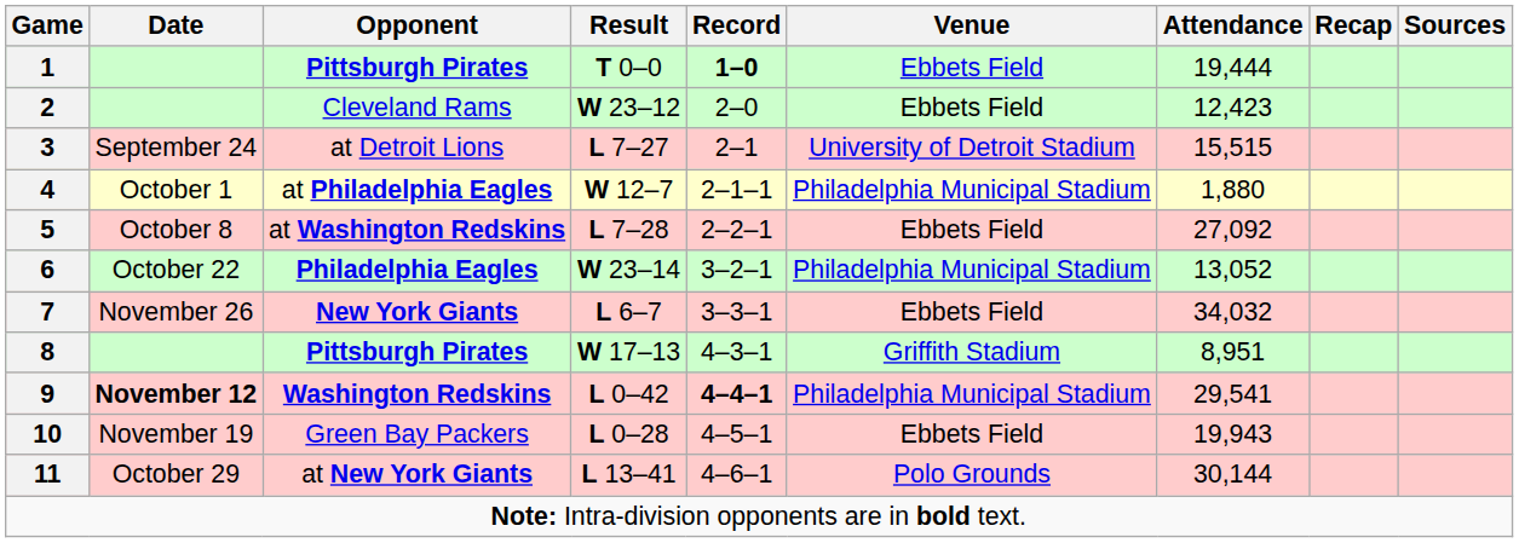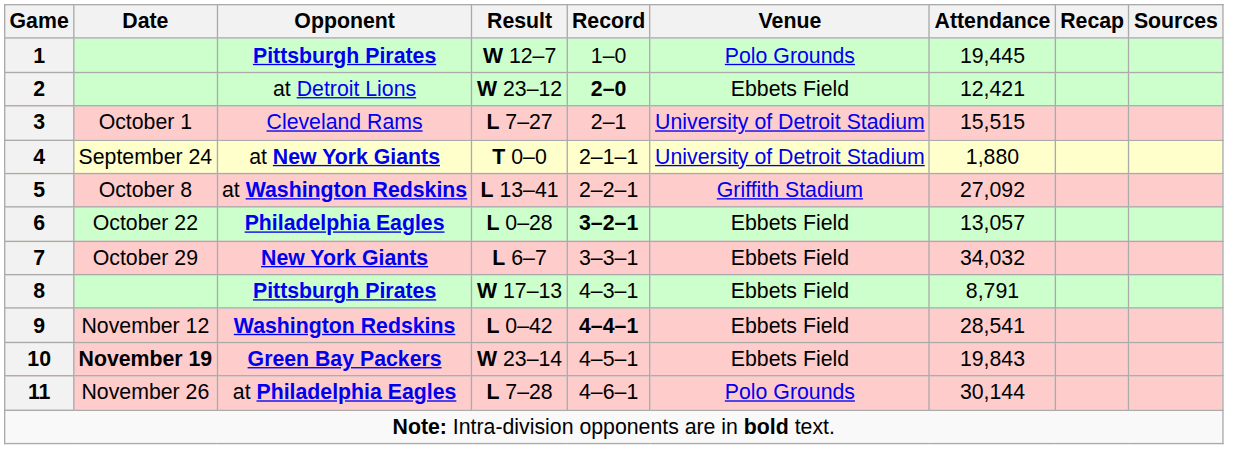 <table class="wikitable" style="text-align:center">
 <tr>
 <th>Game</th>
 <th>Date</th>
 <th>Opponent</th>
 <th>Result</th>
 <th>Record</th>
 <th>Venue</th>
 <th>Attendance</th>
 <th>Recap</th>
 <th>Sources</th>
 </tr>
 <tr style="background:#cfc">
 <th>1</th>
 <td></td>
 <td><strong><a href='#'>Pittsburgh Pirates</a></strong></td>
-<td><strong>T</strong> 0–0</td>
-<td><strong>1–0</strong></td>
-<td><a href='#'>Ebbets Field</a></td>
-<td>19,444</td>
+<td><strong>W</strong> 12–7</td>
+<td>1–0</td>
+<td><a href='#'>Polo Grounds</a></td>
+<td>19,445</td>
 <td></td>
 <td></td>
 </tr>
 <tr style="background:#cfc">
 <th>2</th>
 <td></td>
-<td><a href='#'>Cleveland Rams</a></td>
+<td>at <a href='#'>Detroit Lions</a></td>
 <td><strong>W</strong> 23–12</td>
-<td>2–0</td>
+<td><strong>2–0</strong></td>
 <td>Ebbets Field</td>
-<td>12,423</td>
+<td>12,421</td>
 <td></td>
 <td></td>
 </tr>
 <tr style="background:#fcc">
 <th>3</th>
-<td>September 24</td>
-<td>at <a href='#'>Detroit Lions</a></td>
+<td>October 1</td>
+<td><a href='#'>Cleveland Rams</a></td>
 <td><strong>L</strong> 7–27</td>
 <td>2–1</td>
 <td><a href='#'>University of Detroit Stadium</a></td>
 <td>15,515</td>
 <td></td>
 <td></td>
 </tr>
 <tr style="background:#ffc">
 <th>4</th>
-<td>October 1</td>
-<td>at <strong><a href='#'>Philadelphia Eagles</a></strong></td>
-<td><strong>W</strong> 12–7</td>
+<td>September 24</td>
+<td>at <strong><a href='#'>New York Giants</a></strong></td>
+<td><strong>T</strong> 0–0</td>
 <td>2–1–1</td>
-<td><a href='#'>Philadelphia Municipal Stadium</a></td>
+<td><a href='#'>University of Detroit Stadium</a></td>
 <td>1,880 </td>
 <td></td>
 <td></td>
 </tr>
 <tr style="background:#fcc">
 <th>5</th>
 <td>October 8</td>
 <td>at <strong><a href='#'>Washington Redskins</a></strong></td>
-<td><strong>L</strong> 7–28</td>
+<td><strong>L</strong> 13–41</td>
 <td>2–2–1</td>
-<td>Ebbets Field</td>
+<td><a href='#'>Griffith Stadium</a></td>
 <td>27,092</td>
 <td></td>
 <td></td>
 </tr>
 <tr style="background:#cfc">
 <th>6</th>
 <td>October 22</td>
 <td><strong><a href='#'>Philadelphia Eagles</a></strong></td>
-<td><strong>W</strong> 23–14</td>
-<td>3–2–1</td>
-<td><a href='#'>Philadelphia Municipal Stadium</a></td>
-<td>13,052</td>
+<td><strong>L</strong> 0–28</td>
+<td><strong>3–2–1</strong></td>
+<td>Ebbets Field</td>
+<td>13,057</td>
 <td></td>
 <td></td>
 </tr>
 <tr style="background:#fcc">
 <th>7</th>
-<td>November 26</td>
+<td>October 29</td>
 <td><strong><a href='#'>New York Giants</a></strong></td>
 <td><strong>L</strong> 6–7</td>
 <td>3–3–1</td>
 <td>Ebbets Field</td>
 <td>34,032</td>
 <td></td>
 <td></td>
 </tr>
 <tr style="background:#cfc">
 <th>8</th>
 <td></td>
 <td><strong><a href='#'>Pittsburgh Pirates</a></strong></td>
 <td><strong>W</strong> 17–13</td>
 <td>4–3–1</td>
-<td><a href='#'>Griffith Stadium</a></td>
-<td>8,951</td>
+<td>Ebbets Field</td>
+<td>8,791</td>
 <td></td>
 <td></td>
 </tr>
 <tr style="background:#fcc">
 <th>9</th>
-<td><strong>November 12</strong></td>
+<td>November 12</td>
 <td><strong><a href='#'>Washington Redskins</a></strong></td>
 <td><strong>L</strong> 0–42</td>
 <td><strong>4–4–1</strong></td>
-<td><a href='#'>Philadelphia Municipal Stadium</a></td>
-<td>29,541</td>
+<td>Ebbets Field</td>
+<td>28,541</td>
 <td></td>
 <td></td>
 </tr>
 <tr style="background:#fcc">
 <th>10</th>
-<td>November 19</td>
-<td><a href='#'>Green Bay Packers</a></td>
-<td><strong>L</strong> 0–28</td>
+<td><strong>November 19</strong></td>
+<td><strong><a href='#'>Green Bay Packers</a></strong></td>
+<td><strong>W</strong> 23–14</td>
 <td>4–5–1</td>
 <td>Ebbets Field</td>
-<td>19,943</td>
+<td>19,843</td>
 <td></td>
 <td></td>
 </tr>
 <tr style="background:#fcc">
 <th>11</th>
-<td>October 29</td>
-<td>at <strong><a href='#'>New York Giants</a></strong></td>
-<td><strong>L</strong> 13–41</td>
+<td>November 26</td>
+<td>at <strong><a href='#'>Philadelphia Eagles</a></strong></td>
+<td><strong>L</strong> 7–28</td>
 <td>4–6–1</td>
 <td><a href='#'>Polo Grounds</a></td>
 <td>30,144</td>
 <td></td>
 <td></td>
 </tr>
 <tr>
 <td colspan="10"><strong>Note:</strong> Intra-division opponents are in <strong>bold</strong> text.</td>
 </tr>
 </table>
